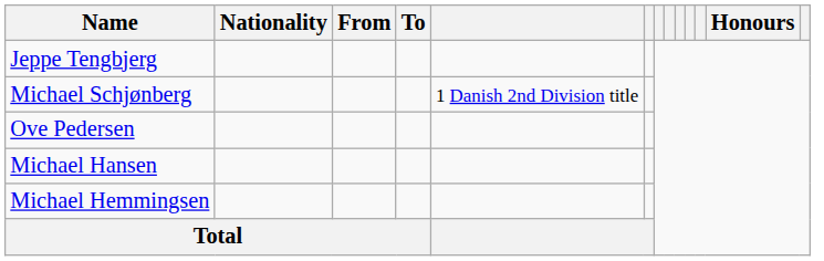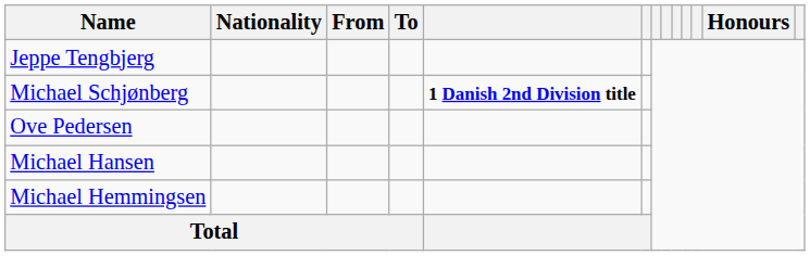 <table class="wikitable plainrowheaders sortable">
 <tr>
 <th scope="col">Name</th>
 <th scope="col">Nationality</th>
 <th scope="col">From</th>
 <th scope="col">To</th>
 <th scope="col"></th>
 <th scope="col"></th>
 <th scope="col"></th>
 <th scope="col"></th>
 <th scope="col"></th>
 <th scope="col"></th>
 <th scope="col"></th>
 <th scope="col">Honours</th>
 <th scope="col" class="unsortable"></th>
 </tr>
 <tr>
 <td><a href='#'>Jeppe Tengbjerg</a></td>
 <td></td>
 <td></td>
 <td><br></td>
 <td></td>
 <td></td>
 </tr>
 <tr>
 <td><a href='#'>Michael Schjønberg</a></td>
 <td></td>
 <td></td>
 <td><br></td>
-<td><small>1 <a href='#'>Danish 2nd Division</a> title</small></td>
+<td><strong><small>1 <a href='#'>Danish 2nd Division</a> title</small></strong></td>
 <td></td>
 </tr>
 <tr>
 <td><a href='#'>Ove Pedersen</a></td>
 <td></td>
 <td></td>
 <td><br></td>
 <td></td>
 <td></td>
 </tr>
 <tr>
 <td><a href='#'>Michael Hansen</a></td>
 <td></td>
 <td></td>
 <td><br></td>
 <td></td>
 <td></td>
 </tr>
 <tr>
 <td><a href='#'>Michael Hemmingsen</a></td>
 <td></td>
 <td></td>
 <td><br></td>
 <td></td>
 <td></td>
 </tr>
 <tr>
 <th colspan=4>Total<br></th>
 <th colspan=2></th>
 </tr>
 </table>
